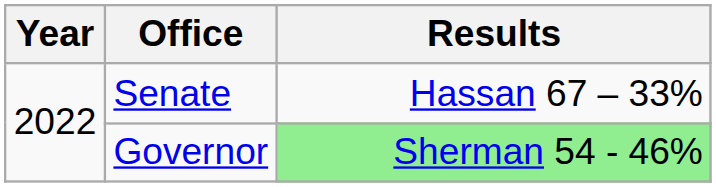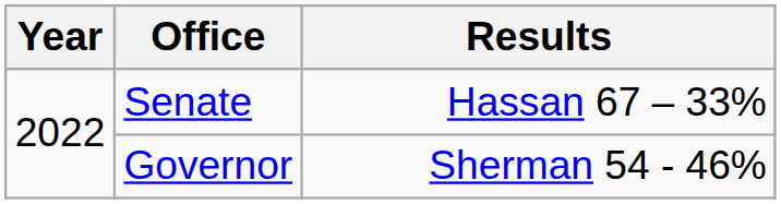 <table class="wikitable">
 <tr>
 <th width="30">Year</th>
 <th width="60">Office</th>
 <th width="180">Results</th>
 </tr>
 <tr>
 <td rowspan="2">2022</td>
 <td><a href='#'>Senate</a></td>
 <td align="right" ><a href='#'>Hassan</a> 67 – 33%</td>
 </tr>
 <tr>
 <td><a href='#'>Governor</a></td>
-<td align="right"  style="background: lightgreen;"><a href='#'>Sherman</a> 54 - 46%</td>
+<td align="right" ><a href='#'>Sherman</a> 54 - 46%</td>
 </tr>
 </table>
